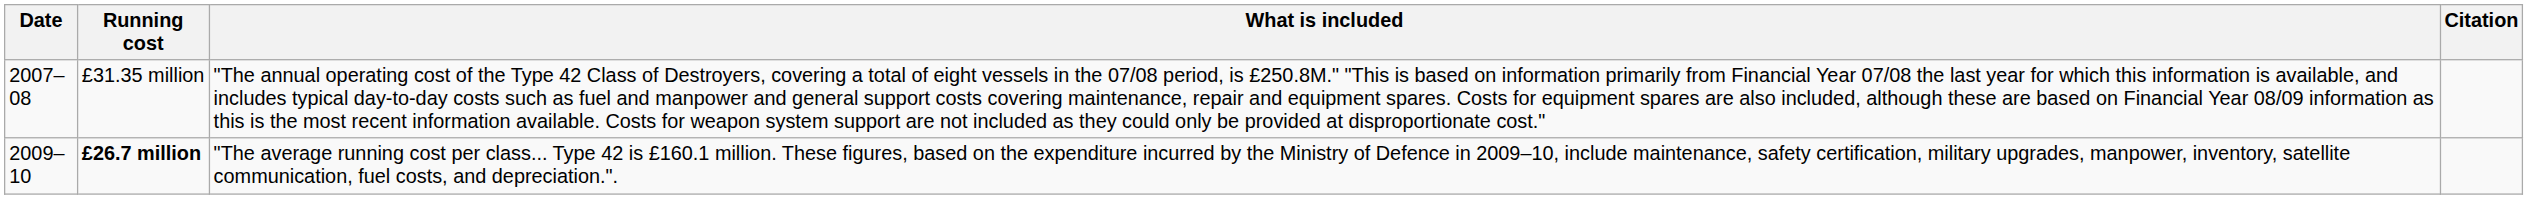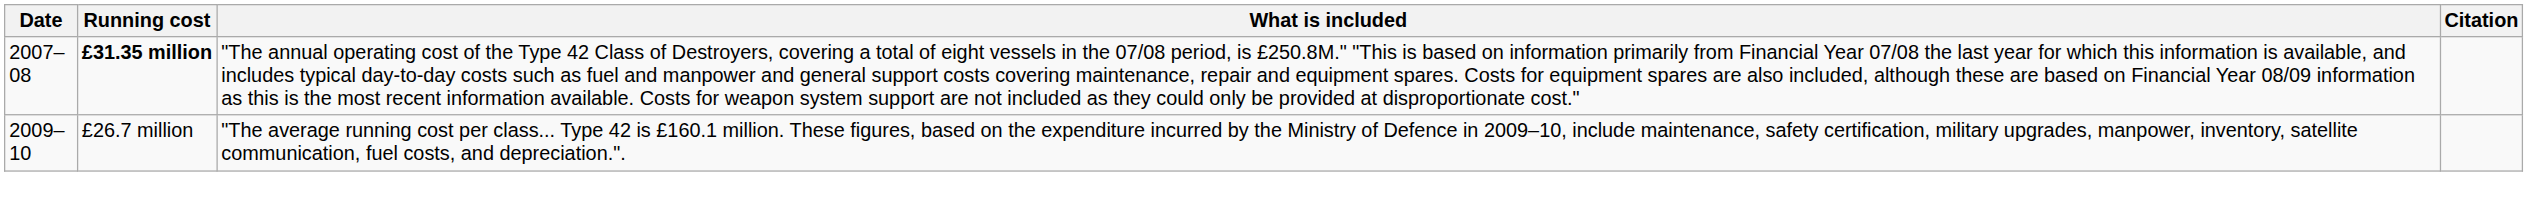 <table class="wikitable" style="font-size:97%;">
 <tr valign=top>
 <th>Date</th>
 <th width=75>Running cost</th>
 <th>What is included</th>
 <th>Citation</th>
 </tr>
 <tr valign=top>
 <td>2007–08</td>
-<td>£31.35 million</td>
+<td><strong>£31.35 million</strong></td>
 <td>"The annual operating cost of the Type 42 Class of Destroyers, covering a total of eight vessels in the 07/08 period, is £250.8M." "This is based on information primarily from Financial Year 07/08 the last year for which this information is available, and includes typical day-to-day costs such as fuel and manpower and general support costs covering maintenance, repair and equipment spares. Costs for equipment spares are also included, although these are based on Financial Year 08/09 information as this is the most recent information available. Costs for weapon system support are not included as they could only be provided at disproportionate cost."</td>
 <td align=center></td>
 </tr>
 <tr valign=top>
 <td>2009–10</td>
-<td><strong>£26.7 million</strong></td>
+<td>£26.7 million</td>
 <td>"The average running cost per class... Type 42 is £160.1 million. These figures, based on the expenditure incurred by the Ministry of Defence in 2009–10, include maintenance, safety certification, military upgrades, manpower, inventory, satellite communication, fuel costs, and depreciation.".</td>
 <td align=center></td>
 </tr>
 </table>
